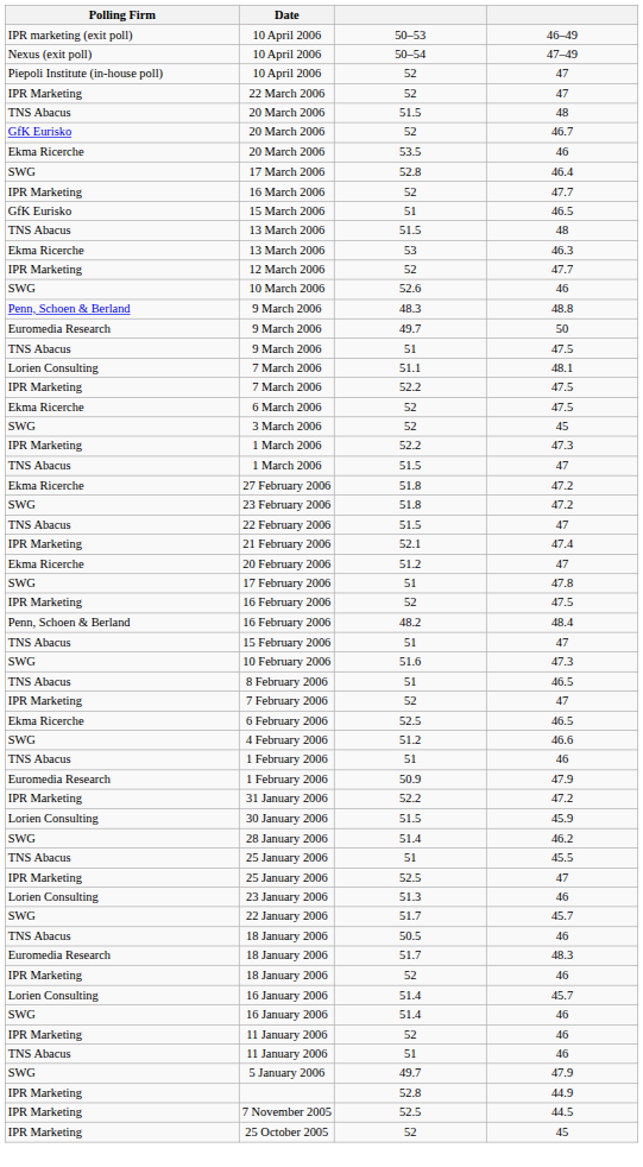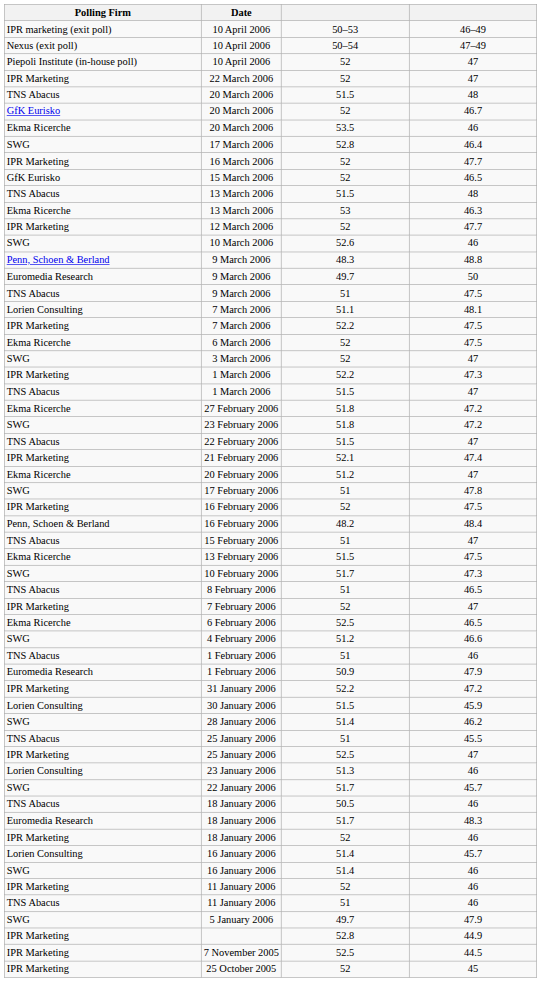 <table class="wikitable" style="text-align: center">
 <tr>
 <th style="width:37%;">Polling Firm</th>
 <th style="width:15%;">Date</th>
 <th style="width:24%; vertical-align:middle; background:"><a href='#'></a></th>
 <th style="width:24%; vertical-align:middle; background:"><a href='#'></a></th>
 </tr>
 <tr>
 <td style="text-align: left;">IPR marketing (exit poll)</td>
 <td>10 April 2006</td>
 <td>50–53</td>
 <td>46–49</td>
 </tr>
 <tr>
 <td style="text-align: left;">Nexus (exit poll)</td>
 <td>10 April 2006</td>
 <td>50–54</td>
 <td>47–49</td>
 </tr>
 <tr>
 <td style="text-align: left;">Piepoli Institute (in-house poll)</td>
 <td>10 April 2006</td>
 <td>52</td>
 <td>47</td>
 </tr>
 <tr>
 <td style="text-align: left;">IPR Marketing</td>
 <td>22 March 2006</td>
 <td>52</td>
 <td>47</td>
 </tr>
 <tr>
 <td style="text-align: left;">TNS Abacus</td>
 <td>20 March 2006</td>
 <td>51.5</td>
 <td>48</td>
 </tr>
 <tr>
 <td style="text-align: left;"><a href='#'>GfK Eurisko</a></td>
 <td>20 March 2006</td>
 <td>52</td>
 <td>46.7</td>
 </tr>
 <tr>
 <td style="text-align: left;">Ekma Ricerche</td>
 <td>20 March 2006</td>
 <td>53.5</td>
 <td>46</td>
 </tr>
 <tr>
 <td style="text-align: left;">SWG</td>
 <td>17 March 2006</td>
 <td>52.8</td>
 <td>46.4</td>
 </tr>
 <tr>
 <td style="text-align: left;">IPR Marketing</td>
 <td>16 March 2006</td>
 <td>52</td>
 <td>47.7</td>
 </tr>
 <tr>
 <td style="text-align: left;">GfK Eurisko</td>
 <td>15 March 2006</td>
-<td>51</td>
+<td>52</td>
 <td>46.5</td>
 </tr>
 <tr>
 <td style="text-align: left;">TNS Abacus</td>
 <td>13 March 2006</td>
 <td>51.5</td>
 <td>48</td>
 </tr>
 <tr>
 <td style="text-align: left;">Ekma Ricerche</td>
 <td>13 March 2006</td>
 <td>53</td>
 <td>46.3</td>
 </tr>
 <tr>
 <td style="text-align: left;">IPR Marketing</td>
 <td>12 March 2006</td>
 <td>52</td>
 <td>47.7</td>
 </tr>
 <tr>
 <td style="text-align: left;">SWG</td>
 <td>10 March 2006</td>
 <td>52.6</td>
 <td>46</td>
 </tr>
 <tr>
 <td style="text-align: left;"><a href='#'>Penn, Schoen & Berland</a></td>
 <td>9 March 2006</td>
 <td>48.3</td>
 <td>48.8</td>
 </tr>
 <tr>
 <td style="text-align: left;">Euromedia Research</td>
 <td>9 March 2006</td>
 <td>49.7</td>
 <td>50</td>
 </tr>
 <tr>
 <td style="text-align: left;">TNS Abacus</td>
 <td>9 March 2006</td>
 <td>51</td>
 <td>47.5</td>
 </tr>
 <tr>
 <td style="text-align: left;">Lorien Consulting</td>
 <td>7 March 2006</td>
 <td>51.1</td>
 <td>48.1</td>
 </tr>
 <tr>
 <td style="text-align: left;">IPR Marketing</td>
 <td>7 March 2006</td>
 <td>52.2</td>
 <td>47.5</td>
 </tr>
 <tr>
 <td style="text-align: left;">Ekma Ricerche</td>
 <td>6 March 2006</td>
 <td>52</td>
 <td>47.5</td>
 </tr>
 <tr>
 <td style="text-align: left;">SWG</td>
 <td>3 March 2006</td>
 <td>52</td>
-<td>45</td>
+<td>47</td>
 </tr>
 <tr>
 <td style="text-align: left;">IPR Marketing</td>
 <td>1 March 2006</td>
 <td>52.2</td>
 <td>47.3</td>
 </tr>
 <tr>
 <td style="text-align: left;">TNS Abacus</td>
 <td>1 March 2006</td>
 <td>51.5</td>
 <td>47</td>
 </tr>
 <tr>
 <td style="text-align: left;">Ekma Ricerche</td>
 <td>27 February 2006</td>
 <td>51.8</td>
 <td>47.2</td>
 </tr>
 <tr>
 <td style="text-align: left;">SWG</td>
 <td>23 February 2006</td>
 <td>51.8</td>
 <td>47.2</td>
 </tr>
 <tr>
 <td style="text-align: left;">TNS Abacus</td>
 <td>22 February 2006</td>
 <td>51.5</td>
 <td>47</td>
 </tr>
 <tr>
 <td style="text-align: left;">IPR Marketing</td>
 <td>21 February 2006</td>
 <td>52.1</td>
 <td>47.4</td>
 </tr>
 <tr>
 <td style="text-align: left;">Ekma Ricerche</td>
 <td>20 February 2006</td>
 <td>51.2</td>
 <td>47</td>
 </tr>
 <tr>
 <td style="text-align: left;">SWG</td>
 <td>17 February 2006</td>
 <td>51</td>
 <td>47.8</td>
 </tr>
 <tr>
 <td style="text-align: left;">IPR Marketing</td>
 <td>16 February 2006</td>
 <td>52</td>
 <td>47.5</td>
 </tr>
 <tr>
 <td style="text-align: left;">Penn, Schoen & Berland</td>
 <td>16 February 2006</td>
 <td>48.2</td>
 <td>48.4</td>
 </tr>
 <tr>
 <td style="text-align: left;">TNS Abacus</td>
 <td>15 February 2006</td>
 <td>51</td>
 <td>47</td>
 </tr>
 <tr>
+<td style="text-align: left;">Ekma Ricerche</td>
+<td>13 February 2006</td>
+<td>51.5</td>
+<td>47.5</td>
+</tr>
+<tr>
 <td style="text-align: left;">SWG</td>
 <td>10 February 2006</td>
-<td>51.6</td>
+<td>51.7</td>
 <td>47.3</td>
 </tr>
 <tr>
 <td style="text-align: left;">TNS Abacus</td>
 <td>8 February 2006</td>
 <td>51</td>
 <td>46.5</td>
 </tr>
 <tr>
 <td style="text-align: left;">IPR Marketing</td>
 <td>7 February 2006</td>
 <td>52</td>
 <td>47</td>
 </tr>
 <tr>
 <td style="text-align: left;">Ekma Ricerche</td>
 <td>6 February 2006</td>
 <td>52.5</td>
 <td>46.5</td>
 </tr>
 <tr>
 <td style="text-align: left;">SWG</td>
 <td>4 February 2006</td>
 <td>51.2</td>
 <td>46.6</td>
 </tr>
 <tr>
 <td style="text-align: left;">TNS Abacus</td>
 <td>1 February 2006</td>
 <td>51</td>
 <td>46</td>
 </tr>
 <tr>
 <td style="text-align: left;">Euromedia Research</td>
 <td>1 February 2006</td>
 <td>50.9</td>
 <td>47.9</td>
 </tr>
 <tr>
 <td style="text-align: left;">IPR Marketing</td>
 <td>31 January 2006</td>
 <td>52.2</td>
 <td>47.2</td>
 </tr>
 <tr>
 <td style="text-align: left;">Lorien Consulting</td>
 <td>30 January 2006</td>
 <td>51.5</td>
 <td>45.9</td>
 </tr>
 <tr>
 <td style="text-align: left;">SWG</td>
 <td>28 January 2006</td>
 <td>51.4</td>
 <td>46.2</td>
 </tr>
 <tr>
 <td style="text-align: left;">TNS Abacus</td>
 <td>25 January 2006</td>
 <td>51</td>
 <td>45.5</td>
 </tr>
 <tr>
 <td style="text-align: left;">IPR Marketing</td>
 <td>25 January 2006</td>
 <td>52.5</td>
 <td>47</td>
 </tr>
 <tr>
 <td style="text-align: left;">Lorien Consulting</td>
 <td>23 January 2006</td>
 <td>51.3</td>
 <td>46</td>
 </tr>
 <tr>
 <td style="text-align: left;">SWG</td>
 <td>22 January 2006</td>
 <td>51.7</td>
 <td>45.7</td>
 </tr>
 <tr>
 <td style="text-align: left;">TNS Abacus</td>
 <td>18 January 2006</td>
 <td>50.5</td>
 <td>46</td>
 </tr>
 <tr>
 <td style="text-align: left;">Euromedia Research</td>
 <td>18 January 2006</td>
 <td>51.7</td>
 <td>48.3</td>
 </tr>
 <tr>
 <td style="text-align: left;">IPR Marketing</td>
 <td>18 January 2006</td>
 <td>52</td>
 <td>46</td>
 </tr>
 <tr>
 <td style="text-align: left;">Lorien Consulting</td>
 <td>16 January 2006</td>
 <td>51.4</td>
 <td>45.7</td>
 </tr>
 <tr>
 <td style="text-align: left;">SWG</td>
 <td>16 January 2006</td>
 <td>51.4</td>
 <td>46</td>
 </tr>
 <tr>
 <td style="text-align: left;">IPR Marketing</td>
 <td>11 January 2006</td>
 <td>52</td>
 <td>46</td>
 </tr>
 <tr>
 <td style="text-align: left;">TNS Abacus</td>
 <td>11 January 2006</td>
 <td>51</td>
 <td>46</td>
 </tr>
 <tr>
 <td style="text-align: left;">SWG</td>
 <td>5 January 2006</td>
 <td>49.7</td>
 <td>47.9</td>
 </tr>
 <tr>
 <td style="text-align: left;">IPR Marketing</td>
 <td></td>
 <td>52.8</td>
 <td>44.9</td>
 </tr>
 <tr>
 <td style="text-align: left;">IPR Marketing</td>
 <td>7 November 2005</td>
 <td>52.5</td>
 <td>44.5</td>
 </tr>
 <tr>
 <td style="text-align: left;">IPR Marketing</td>
 <td>25 October 2005</td>
 <td>52</td>
 <td>45</td>
 </tr>
 </table>
